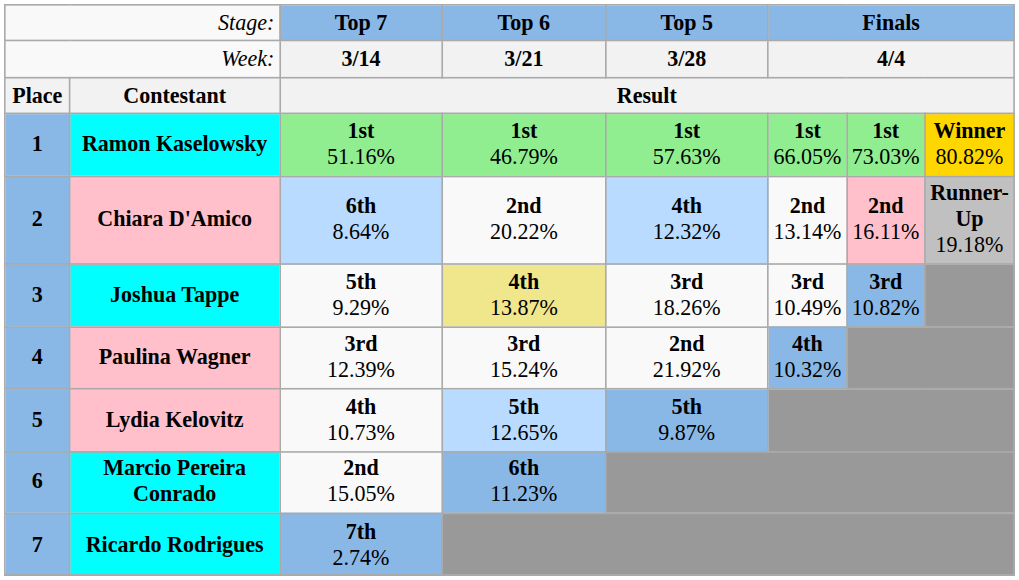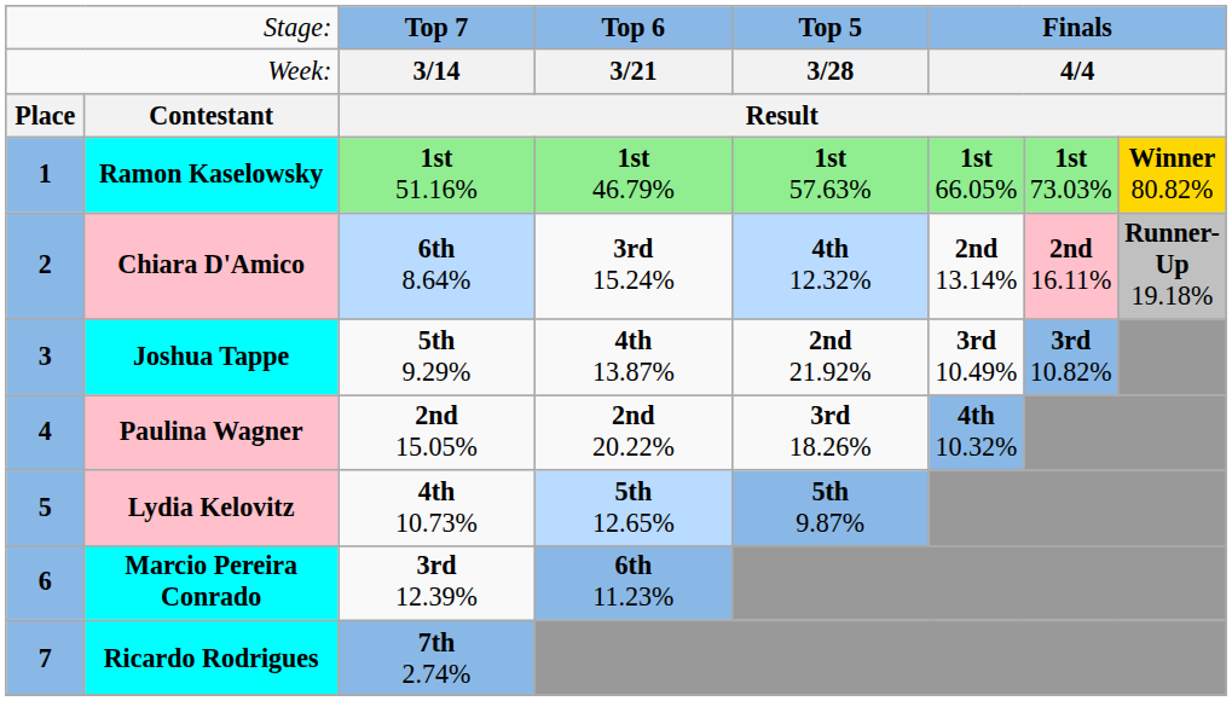 <table class="wikitable" style="text-align:center; font-size:85%; margin:1em auto;">
 <tr>
 <td colspan="2" style="text-align:right;"><em>Stage:</em></td>
 <td style="background:#8ab8e6;"><strong>Top 7</strong></td>
 <td style="background:#8ab8e6;"><strong>Top 6</strong></td>
 <td style="background:#8ab8e6;"><strong>Top 5</strong></td>
 <td style="background:#8ab8e6;" colspan=3><strong>Finals</strong></td>
 </tr>
 <tr>
 <td colspan="2" style="text-align:right;"><em>Week:</em></td>
 <th style="width:120px;">3/14</th>
 <th style="width:120px;">3/21</th>
 <th style="width:120px;">3/28</th>
 <th style="width:120px;" colspan=3>4/4</th>
 </tr>
 <tr>
 <th style="width:35px;">Place</th>
 <th style="width:150px;">Contestant</th>
 <th colspan="7">Result</th>
 </tr>
 <tr>
 <td style="background:#8ab8e6;"><strong>1</strong></td>
 <td style="background:cyan;"><strong>Ramon Kaselowsky</strong></td>
 <td style="background:lightgreen;"><strong>1st</strong><br>51.16%</td>
 <td style="background:lightgreen;"><strong>1st</strong><br>46.79%</td>
 <td style="background:lightgreen;"><strong>1st</strong><br>57.63%</td>
 <td style="background:lightgreen;"><strong>1st</strong><br>66.05%</td>
 <td style="background:lightgreen;"><strong>1st</strong><br>73.03%</td>
 <td style="background:gold;"><strong>Winner</strong><br>80.82%</td>
 </tr>
 <tr>
 <td style="background:#8ab8e6;"><strong>2</strong></td>
 <td style="background:pink;"><strong>Chiara D'Amico</strong></td>
 <td style="background:#b8dbff;"><strong>6th</strong><br>8.64%</td>
-<td><strong>2nd</strong><br>20.22%</td>
+<td><strong>3rd</strong><br>15.24%</td>
 <td style="background:#b8dbff;"><strong>4th</strong><br>12.32%</td>
 <td><strong>2nd</strong><br>13.14%</td>
 <td style="background: pink;"><strong>2nd</strong><br>16.11%</td>
 <td style="background:silver;"><strong>Runner-Up</strong><br>19.18%</td>
 </tr>
 <tr>
 <td style="background:#8ab8e6;"><strong>3</strong></td>
 <td style="background:cyan;"><strong>Joshua Tappe</strong></td>
 <td><strong>5th</strong><br>9.29%</td>
-<td style="background: khaki;"><strong>4th</strong><br>13.87%</td>
-<td><strong>3rd</strong><br>18.26%</td>
+<td><strong>4th</strong><br>13.87%</td>
+<td><strong>2nd</strong><br>21.92%</td>
 <td><strong>3rd</strong><br>10.49%</td>
 <td style="background:#8ab8e6;"><strong>3rd</strong><br>10.82%</td>
 <td style="background:#999999;"></td>
 </tr>
 <tr>
 <td style="background:#8ab8e6;"><strong>4</strong></td>
 <td style="background:pink;"><strong>Paulina Wagner</strong></td>
-<td><strong>3rd</strong><br>12.39%</td>
-<td><strong>3rd</strong><br>15.24%</td>
-<td><strong>2nd</strong><br>21.92%</td>
+<td><strong>2nd</strong><br>15.05%</td>
+<td><strong>2nd</strong><br>20.22%</td>
+<td><strong>3rd</strong><br>18.26%</td>
 <td style="background:#8ab8e6;"><strong>4th</strong><br>10.32%</td>
 <td style="background:#999999;" colspan=2></td>
 </tr>
 <tr>
 <td style="background:#8ab8e6;"><strong>5</strong></td>
 <td style="background:pink;"><strong>Lydia Kelovitz</strong></td>
 <td><strong>4th</strong><br>10.73%</td>
 <td style="background:#b8dbff;"><strong>5th</strong><br>12.65%</td>
 <td style="background:#8ab8e6;"><strong>5th</strong><br>9.87%</td>
 <td style="background:#999999;" colspan=3></td>
 </tr>
 <tr>
 <td style="background:#8ab8e6;"><strong>6</strong></td>
 <td style="background:cyan;"><strong>Marcio Pereira Conrado</strong></td>
-<td><strong>2nd</strong><br>15.05%</td>
+<td><strong>3rd</strong><br>12.39%</td>
 <td style="background:#8ab8e6;"><strong>6th</strong><br>11.23%</td>
 <td style="background:#999999;" colspan=4></td>
 </tr>
 <tr>
 <td style="background:#8ab8e6;"><strong>7</strong></td>
 <td style="background:cyan;"><strong>Ricardo Rodrigues</strong></td>
 <td style="background:#8ab8e6;"><strong>7th</strong><br>2.74%</td>
 <td style="background:#999999;" colspan=5></td>
 </tr>
 <tr>
 </tr>
 </table>
